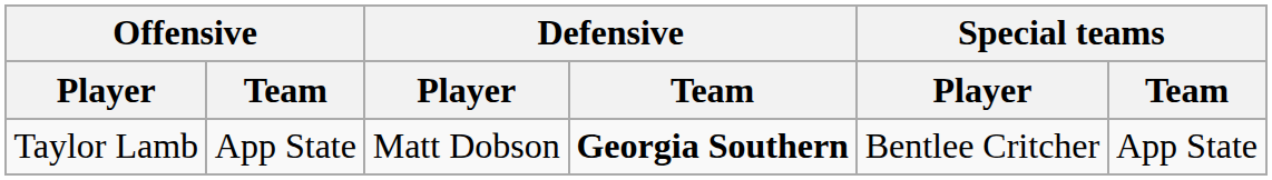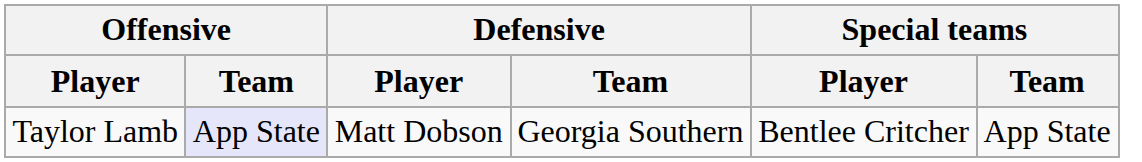 <table class="wikitable">
 <tr>
 <th colspan="2">Offensive</th>
 <th colspan="2">Defensive</th>
 <th colspan="2">Special teams</th>
 </tr>
 <tr>
 <th>Player</th>
 <th>Team</th>
 <th>Player</th>
 <th>Team</th>
 <th>Player</th>
 <th>Team</th>
 </tr>
 <tr>
 <td>Taylor Lamb</td>
-<td>App State</td>
+<td style="background: lavender;">App State</td>
 <td>Matt Dobson</td>
-<td><strong>Georgia Southern</strong></td>
+<td>Georgia Southern</td>
 <td>Bentlee Critcher</td>
 <td>App State</td>
 </tr>
 </table>
